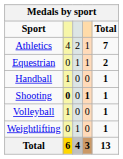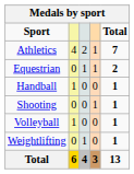 <table class=wikitable style="font-size:85%; float:right;text-align:center">
 <tr bgcolor=EFEFEF>
 <th colspan=7>Medals by sport</th>
 </tr>
 <tr>
 <td><strong>Sport</strong></td>
 <td bgcolor=F7F6A8></td>
 <td bgcolor=DCE5E5></td>
 <td bgcolor=FFDBA9></td>
 <td><strong>Total</strong></td>
 </tr>
 <tr>
 <td><a href='#'>Athletics</a></td>
 <td bgcolor=F7F6A8>4</td>
 <td bgcolor=DCE5E5>2</td>
 <td bgcolor=FFDAB9>1</td>
 <td><strong>7</strong></td>
 </tr>
 <tr>
 <td><a href='#'>Equestrian</a></td>
 <td bgcolor=F7F6A8>0</td>
 <td bgcolor=DCE5E5>1</td>
 <td bgcolor=FFDAB9>1</td>
 <td><strong>2</strong></td>
 </tr>
 <tr>
 <td><a href='#'>Handball</a></td>
 <td bgcolor=F7F6A8>1</td>
 <td bgcolor=DCE5E5>0</td>
 <td bgcolor=FFDAB9>0</td>
 <td><strong>1</strong></td>
 </tr>
 <tr>
 <td><a href='#'>Shooting</a></td>
-<td bgcolor=F7F6A8><strong>0</strong></td>
+<td bgcolor=F7F6A8>0</td>
 <td bgcolor=DCE5E5>0</td>
-<td bgcolor=FFDAB9><strong>1</strong></td>
+<td bgcolor=FFDAB9>1</td>
 <td><strong>1</strong></td>
 </tr>
 <tr>
 <td><a href='#'>Volleyball</a></td>
 <td bgcolor=F7F6A8>1</td>
 <td bgcolor=DCE5E5>0</td>
 <td bgcolor=FFDAB9>0</td>
 <td><strong>1</strong></td>
 </tr>
 <tr>
 <td><a href='#'>Weightlifting</a></td>
 <td bgcolor=F7F6A8>0</td>
 <td bgcolor=DCE5E5>1</td>
 <td bgcolor=FFDAB9>0</td>
 <td><strong>1</strong></td>
 </tr>
 <tr>
 <th>Total</th>
 <td style="background:gold;"><strong>6</strong></td>
 <td style="background:silver;"><strong>4</strong></td>
 <td style="background:#c96;"><strong>3</strong></td>
 <td><strong>13</strong></td>
 </tr>
 </table>
